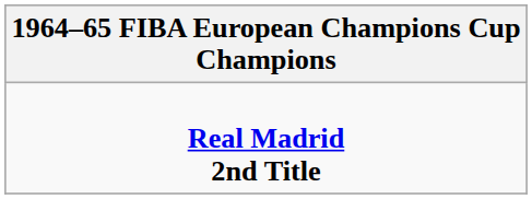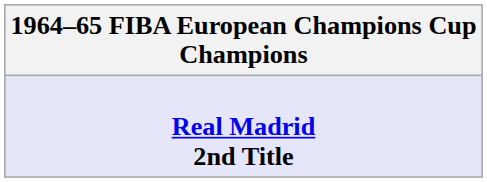 <table class=wikitable style="text-align:center; margin:auto">
 <tr>
 <th>1964–65 FIBA European Champions Cup<br>Champions</th>
 </tr>
 <tr>
-<td> <br> <strong><a href='#'>Real Madrid</a></strong> <br> <strong>2nd Title</strong></td>
+<td style="background: lavender;"> <br> <strong><a href='#'>Real Madrid</a></strong> <br> <strong>2nd Title</strong></td>
 </tr>
 </table>
